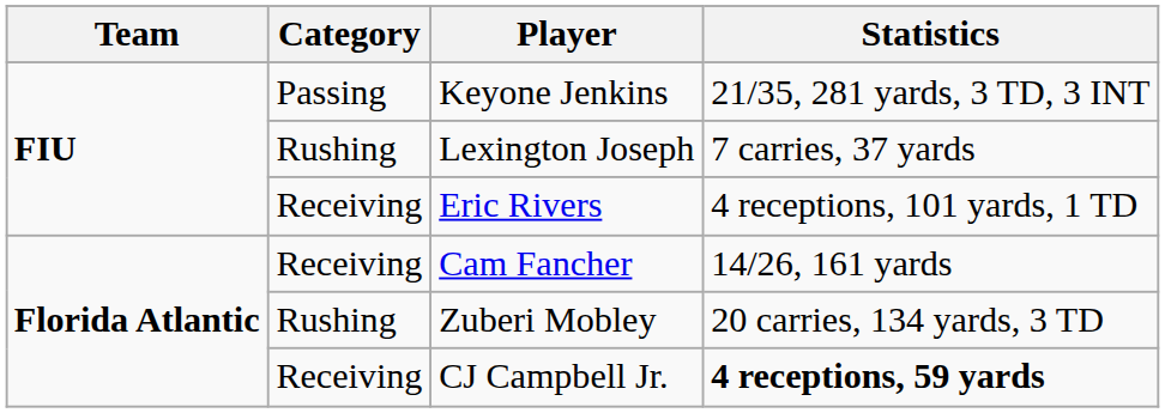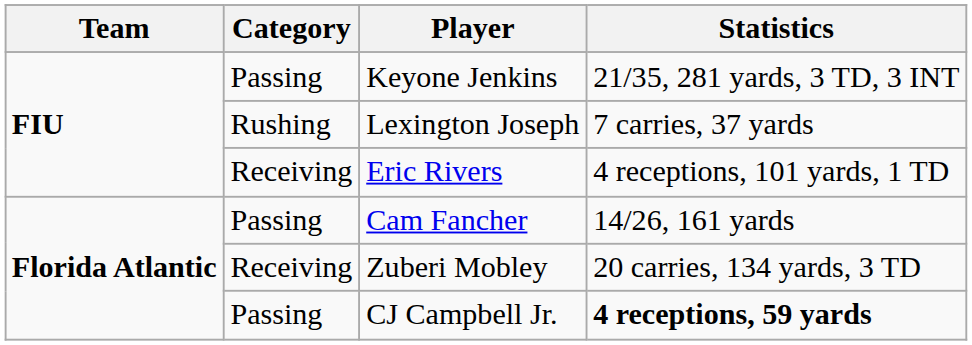 <table class="wikitable" style="float: right;">
 <tr>
 <th>Team</th>
 <th>Category</th>
 <th>Player</th>
 <th>Statistics</th>
 </tr>
 <tr>
 <td rowspan=3><strong>FIU</strong></td>
 <td>Passing</td>
 <td>Keyone Jenkins</td>
 <td>21/35, 281 yards, 3 TD, 3 INT</td>
 </tr>
 <tr>
 <td>Rushing</td>
 <td>Lexington Joseph</td>
 <td>7 carries, 37 yards</td>
 </tr>
 <tr>
 <td>Receiving</td>
 <td><a href='#'>Eric Rivers</a></td>
 <td>4 receptions, 101 yards, 1 TD</td>
 </tr>
 <tr>
 <td rowspan=3><strong>Florida Atlantic</strong></td>
-<td>Receiving</td>
+<td>Passing</td>
 <td><a href='#'>Cam Fancher</a></td>
 <td>14/26, 161 yards</td>
 </tr>
 <tr>
-<td>Rushing</td>
+<td>Receiving</td>
 <td>Zuberi Mobley</td>
 <td>20 carries, 134 yards, 3 TD</td>
 </tr>
 <tr>
-<td>Receiving</td>
+<td>Passing</td>
 <td>CJ Campbell Jr.</td>
 <td><strong>4 receptions, 59 yards</strong></td>
 </tr>
 </table>
